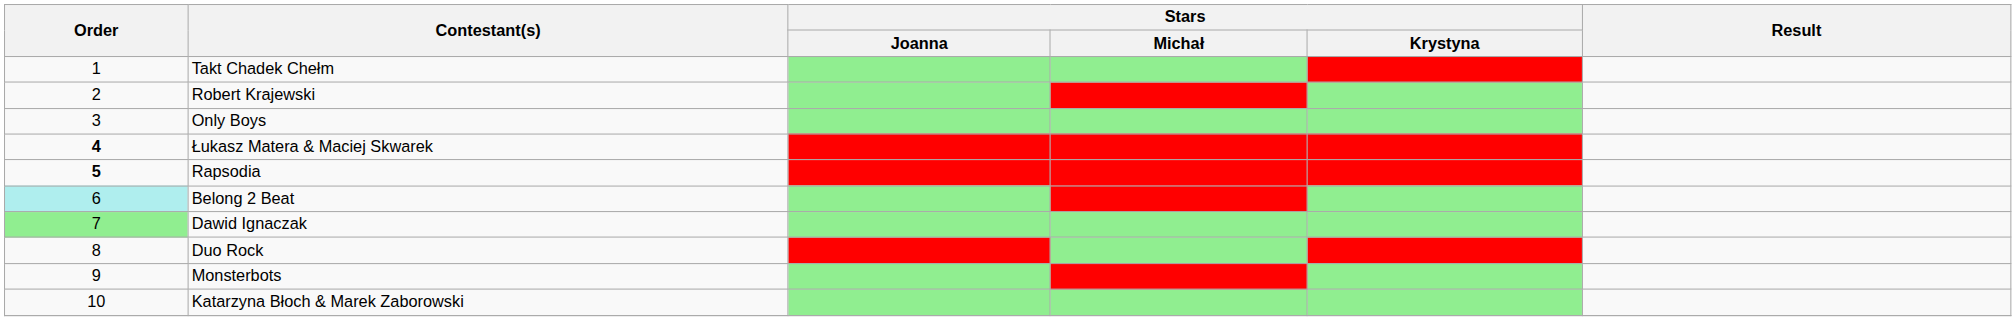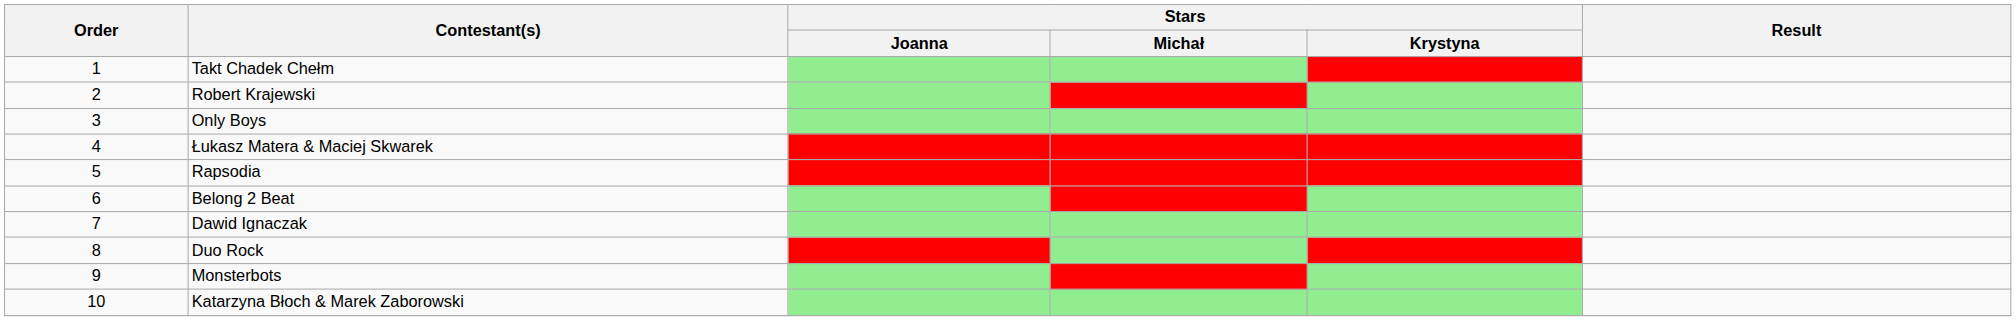 <table class="wikitable">
 <tr>
 <th style="width:2%;" rowspan="2">Order</th>
 <th style="width:7%;" rowspan="2">Contestant(s)</th>
 <th style="width:9%;" colspan="3">Stars</th>
 <th style="width:5%;" rowspan="2">Result</th>
 </tr>
 <tr>
 <th style="width:3%;">Joanna</th>
 <th style="width:3%;">Michał</th>
 <th style="width:3%;">Krystyna</th>
 </tr>
 <tr>
 <td style="text-align:center">1</td>
 <td>Takt Chadek Chełm</td>
 <td bgcolor="lightgreen"></td>
 <td bgcolor="lightgreen"></td>
 <td bgcolor="red"></td>
 <td></td>
 </tr>
 <tr>
 <td style="text-align:center">2</td>
 <td>Robert Krajewski</td>
 <td bgcolor="lightgreen"></td>
 <td bgcolor="red"></td>
 <td bgcolor="lightgreen"></td>
 <td></td>
 </tr>
 <tr>
 <td style="text-align:center">3</td>
 <td>Only Boys</td>
 <td bgcolor="lightgreen"></td>
 <td bgcolor="lightgreen"></td>
 <td bgcolor="lightgreen"></td>
 <td></td>
 </tr>
 <tr>
-<td style="text-align:center"><strong>4</strong></td>
+<td style="text-align:center">4</td>
 <td>Łukasz Matera & Maciej Skwarek</td>
 <td bgcolor="red"></td>
 <td bgcolor="red"></td>
 <td bgcolor="red"></td>
 <td></td>
 </tr>
 <tr>
-<td style="text-align:center"><strong>5</strong></td>
+<td style="text-align:center">5</td>
 <td>Rapsodia</td>
 <td bgcolor="red"></td>
 <td bgcolor="red"></td>
 <td bgcolor="red"></td>
 <td></td>
 </tr>
 <tr>
-<td style="background: paleturquoise; text-align:center">6</td>
+<td style="text-align:center">6</td>
 <td>Belong 2 Beat</td>
 <td bgcolor="lightgreen"></td>
 <td bgcolor="red"></td>
 <td bgcolor="lightgreen"></td>
 <td></td>
 </tr>
 <tr>
-<td style="background: lightgreen; text-align:center">7</td>
+<td style="text-align:center">7</td>
 <td>Dawid Ignaczak</td>
 <td bgcolor="lightgreen"></td>
 <td bgcolor="lightgreen"></td>
 <td bgcolor="lightgreen"></td>
 <td></td>
 </tr>
 <tr>
 <td style="text-align:center">8</td>
 <td>Duo Rock</td>
 <td bgcolor="red"></td>
 <td bgcolor="lightgreen"></td>
 <td bgcolor="red"></td>
 <td></td>
 </tr>
 <tr>
 <td style="text-align:center">9</td>
 <td>Monsterbots</td>
 <td bgcolor="lightgreen"></td>
 <td bgcolor="red"></td>
 <td bgcolor="lightgreen"></td>
 <td></td>
 </tr>
 <tr>
 <td style="text-align:center">10</td>
 <td>Katarzyna Błoch & Marek Zaborowski</td>
 <td bgcolor="lightgreen"></td>
 <td bgcolor="lightgreen"></td>
 <td bgcolor="lightgreen"></td>
 <td></td>
 </tr>
 <tr>
 </tr>
 </table>
